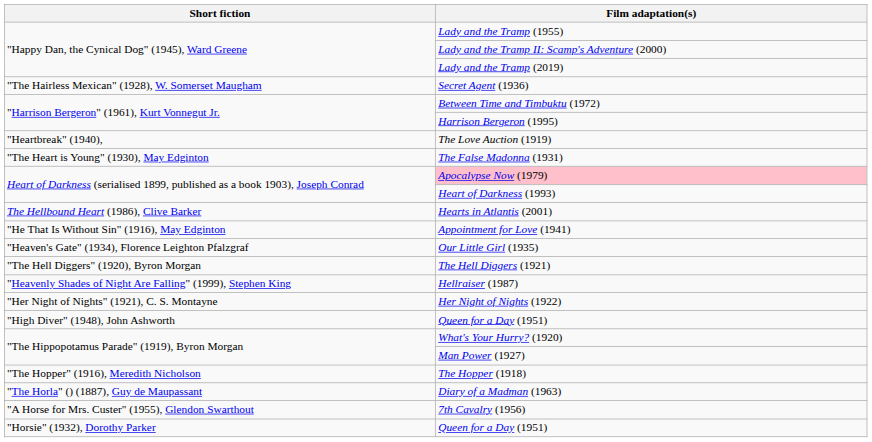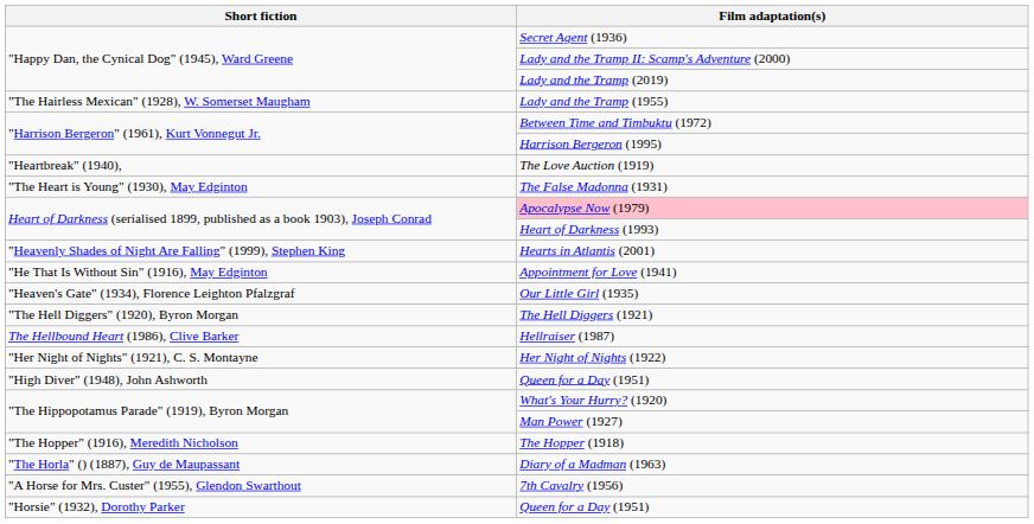 <table class="wikitable">
 <tr>
 <th width="600">Short fiction</th>
 <th width="600">Film adaptation(s)</th>
 </tr>
 <tr>
 <td rowspan="3">"Happy Dan, the Cynical Dog" (1945), <a href='#'>Ward Greene</a></td>
-<td><em><a href='#'>Lady and the Tramp</a></em> (1955)</td>
+<td><em><a href='#'>Secret Agent</a></em> (1936)</td>
 </tr>
 <tr>
 <td><em><a href='#'>Lady and the Tramp II: Scamp's Adventure</a></em> (2000)</td>
 </tr>
 <tr>
 <td><em><a href='#'>Lady and the Tramp</a></em> (2019)</td>
 </tr>
 <tr>
 <td>"The Hairless Mexican" (1928), <a href='#'>W. Somerset Maugham</a></td>
-<td><em><a href='#'>Secret Agent</a></em> (1936)</td>
+<td><em><a href='#'>Lady and the Tramp</a></em> (1955)</td>
 </tr>
 <tr>
 <td rowspan="2">"<a href='#'>Harrison Bergeron</a>" (1961), <a href='#'>Kurt Vonnegut Jr.</a></td>
 <td><em><a href='#'>Between Time and Timbuktu</a></em> (1972)</td>
 </tr>
 <tr>
 <td><em><a href='#'>Harrison Bergeron</a></em> (1995)</td>
 </tr>
 <tr>
 <td>"Heartbreak" (1940), </td>
 <td><em>The Love Auction</em> (1919)</td>
 </tr>
 <tr>
 <td>"The Heart is Young" (1930), <a href='#'>May Edginton</a></td>
 <td><em><a href='#'>The False Madonna</a></em> (1931)</td>
 </tr>
 <tr>
 <td rowspan="2"><em><a href='#'>Heart of Darkness</a></em> (serialised 1899, published as a book 1903), <a href='#'>Joseph Conrad</a></td>
 <td style="background: pink;"><em><a href='#'>Apocalypse Now</a></em> (1979)</td>
 </tr>
 <tr>
 <td><em><a href='#'>Heart of Darkness</a></em> (1993)</td>
 </tr>
 <tr>
-<td><em><a href='#'>The Hellbound Heart</a></em> (1986), <a href='#'>Clive Barker</a></td>
+<td>"<a href='#'>Heavenly Shades of Night Are Falling</a>" (1999), <a href='#'>Stephen King</a></td>
 <td><em><a href='#'>Hearts in Atlantis</a></em> (2001)</td>
 </tr>
 <tr>
 <td>"He That Is Without Sin" (1916), <a href='#'>May Edginton</a></td>
 <td><em><a href='#'>Appointment for Love</a></em> (1941)</td>
 </tr>
 <tr>
 <td>"Heaven's Gate" (1934), Florence Leighton Pfalzgraf</td>
 <td><em><a href='#'>Our Little Girl</a></em> (1935)</td>
 </tr>
 <tr>
 <td>"The Hell Diggers" (1920), Byron Morgan</td>
 <td><em><a href='#'>The Hell Diggers</a></em> (1921)</td>
 </tr>
 <tr>
-<td>"<a href='#'>Heavenly Shades of Night Are Falling</a>" (1999), <a href='#'>Stephen King</a></td>
+<td><em><a href='#'>The Hellbound Heart</a></em> (1986), <a href='#'>Clive Barker</a></td>
 <td><em><a href='#'>Hellraiser</a></em> (1987)</td>
 </tr>
 <tr>
 <td>"Her Night of Nights" (1921), C. S. Montayne</td>
 <td><em><a href='#'>Her Night of Nights</a></em> (1922)</td>
 </tr>
 <tr>
 <td>"High Diver" (1948), John Ashworth</td>
 <td><em><a href='#'>Queen for a Day</a></em> (1951)</td>
 </tr>
 <tr>
 <td rowspan="2">"The Hippopotamus Parade" (1919), Byron Morgan</td>
 <td><em><a href='#'>What's Your Hurry?</a></em> (1920)</td>
 </tr>
 <tr>
 <td><em><a href='#'>Man Power</a></em> (1927)</td>
 </tr>
 <tr>
 <td>"The Hopper" (1916), <a href='#'>Meredith Nicholson</a></td>
 <td><em><a href='#'>The Hopper</a></em> (1918)</td>
 </tr>
 <tr>
 <td>"<a href='#'>The Horla</a>" () (1887), <a href='#'>Guy de Maupassant</a></td>
 <td><em><a href='#'>Diary of a Madman</a></em> (1963)</td>
 </tr>
 <tr>
 <td>"A Horse for Mrs. Custer" (1955), <a href='#'>Glendon Swarthout</a></td>
 <td><em><a href='#'>7th Cavalry</a></em> (1956)</td>
 </tr>
 <tr>
 <td>"Horsie" (1932), <a href='#'>Dorothy Parker</a></td>
 <td><em><a href='#'>Queen for a Day</a></em> (1951)</td>
 </tr>
 </table>
